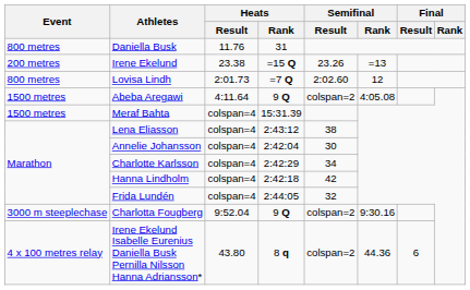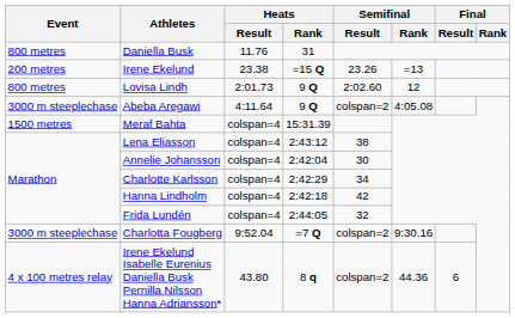 <table class="wikitable" border="1" style="font-size:90%">
 <tr>
 <th rowspan="2">Event</th>
 <th rowspan="2">Athletes</th>
 <th colspan="2">Heats</th>
 <th colspan="2">Semifinal</th>
 <th colspan="2">Final</th>
 </tr>
 <tr>
 <th>Result</th>
 <th>Rank</th>
 <th>Result</th>
 <th>Rank</th>
 <th>Result</th>
 <th>Rank</th>
 </tr>
 <tr>
 <td><a href='#'>800 metres</a></td>
 <td><a href='#'>Daniella Busk</a></td>
 <td align=center>11.76</td>
 <td align=center>31</td>
 <td align=center colspan=4></td>
 </tr>
 <tr>
 <td><a href='#'>200 metres</a></td>
 <td><a href='#'>Irene Ekelund</a></td>
 <td align=center>23.38</td>
 <td align=center>=15 <strong>Q</strong></td>
 <td align=center>23.26</td>
 <td align=center>=13</td>
 <td align=center colspan=2></td>
 </tr>
 <tr>
 <td><a href='#'>800 metres</a></td>
 <td><a href='#'>Lovisa Lindh</a></td>
 <td align=center>2:01.73</td>
-<td align=center>=7 <strong>Q</strong></td>
+<td align=center>9 <strong>Q</strong></td>
 <td align=center>2:02.60</td>
 <td align=center>12</td>
 <td align=center colspan=2></td>
 </tr>
 <tr>
-<td><a href='#'>1500 metres</a></td>
+<td><a href='#'>3000 m steeplechase</a></td>
 <td><a href='#'>Abeba Aregawi</a></td>
 <td align=center>4:11.64</td>
 <td align=center>9 <strong>Q</strong></td>
 <td>colspan=2 </td>
 <td align=center>4:05.08</td>
 <td align=center></td>
 </tr>
 <tr>
 <td><a href='#'>1500 metres</a></td>
 <td><a href='#'>Meraf Bahta</a></td>
 <td>colspan=4 </td>
 <td align=center>15:31.39</td>
 <td align=center></td>
 </tr>
 <tr>
 <td rowspan=5><a href='#'>Marathon</a></td>
 <td><a href='#'>Lena Eliasson</a></td>
 <td>colspan=4 </td>
 <td align=center>2:43:12</td>
 <td align=center>38</td>
 </tr>
 <tr>
 <td><a href='#'>Annelie Johansson</a></td>
 <td>colspan=4 </td>
 <td align=center>2:42:04</td>
 <td align=center>30</td>
 </tr>
 <tr>
 <td><a href='#'>Charlotte Karlsson</a></td>
 <td>colspan=4 </td>
 <td align=center>2:42:29</td>
 <td align=center>34</td>
 </tr>
 <tr>
 <td><a href='#'>Hanna Lindholm</a></td>
 <td>colspan=4 </td>
 <td align=center>2:42:18</td>
 <td align=center>42</td>
 </tr>
 <tr>
 <td><a href='#'>Frida Lundén</a></td>
 <td>colspan=4 </td>
 <td align=center>2:44:05</td>
 <td align=center>32</td>
 </tr>
 <tr>
 <td><a href='#'>3000 m steeplechase</a></td>
 <td><a href='#'>Charlotta Fougberg</a></td>
 <td align=center>9:52.04</td>
-<td align=center>9 <strong>Q</strong></td>
+<td align=center>=7 <strong>Q</strong></td>
 <td>colspan=2 </td>
 <td align=center>9:30.16</td>
 <td align=center></td>
 </tr>
 <tr>
 <td><a href='#'>4 x 100 metres relay</a></td>
 <td><a href='#'>Irene Ekelund</a><br><a href='#'>Isabelle Eurenius</a><br><a href='#'>Daniella Busk</a><br><a href='#'>Pernilla Nilsson</a><br><a href='#'>Hanna Adriansson</a>*</td>
 <td align=center>43.80</td>
 <td align=center>8 <strong>q</strong></td>
 <td>colspan=2 </td>
 <td align=center>44.36</td>
 <td align=center>6</td>
 </tr>
 </table>
